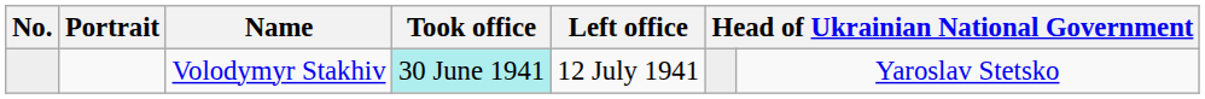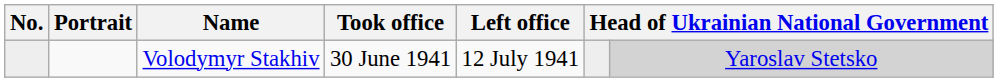 <table class="wikitable" style="text-align:center; font-size:100%;">
 <tr>
 <th>No.</th>
 <th>Portrait</th>
 <th>Name</th>
 <th>Took office</th>
 <th>Left office</th>
 <th colspan="2">Head of <a href='#'>Ukrainian National Government</a></th>
 </tr>
 <tr>
 <th style="background: #EEEEEE;"></th>
 <td></td>
 <td><a href='#'>Volodymyr Stakhiv</a></td>
-<td style="background: paleturquoise;">30 June 1941</td>
+<td>30 June 1941</td>
 <td>12 July 1941</td>
 <td rowspan=1 style="background:#EEEEEE;"></td>
-<td rowspan=1><a href='#'>Yaroslav Stetsko</a></td>
+<td rowspan=1 style="background: lightgrey;"><a href='#'>Yaroslav Stetsko</a></td>
 </tr>
 </table>
